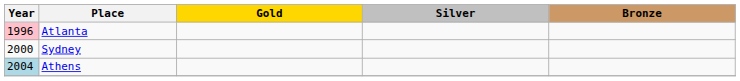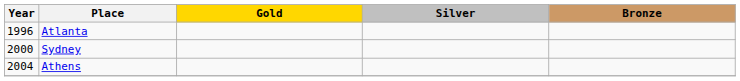 <table class="wikitable">
 <tr>
 <th width="35">Year</th>
 <th width="160">Place</th>
 <th style="background:gold" width="220">Gold</th>
 <th style="background:silver" width="220">Silver</th>
 <th style="background:#cc9966" width="220">Bronze</th>
 </tr>
 <tr>
-<td style="background: pink;">1996</td>
+<td>1996</td>
 <td> <a href='#'>Atlanta</a></td>
 <td></td>
 <td></td>
 <td></td>
 </tr>
 <tr>
 <td>2000</td>
 <td> <a href='#'>Sydney</a></td>
 <td></td>
 <td></td>
 <td></td>
 </tr>
 <tr>
-<td style="background: lightblue;">2004</td>
+<td>2004</td>
 <td> <a href='#'>Athens</a></td>
 <td></td>
 <td></td>
 <td></td>
 </tr>
 <tr>
 </tr>
 </table>
